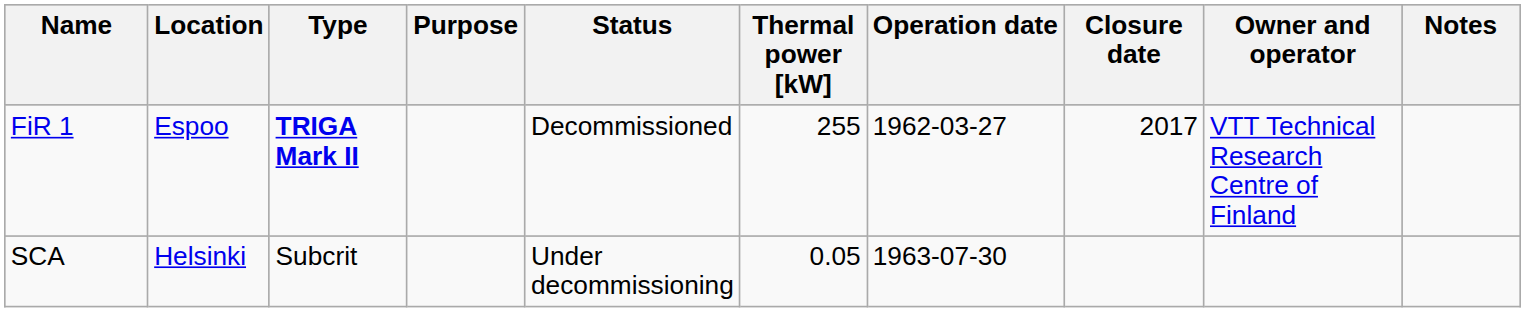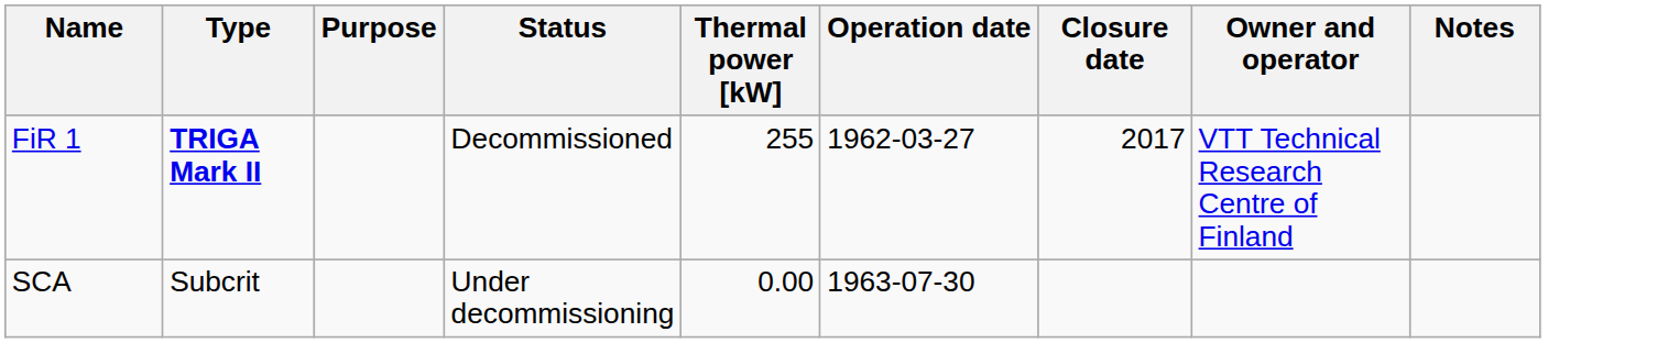 <table class="wikitable" >
 <tr valign="top">
 <th width="80">Name</th>
-<th width="65">Location</th>
 <th width="76">Type</th>
 <th width="65">Purpose</th>
 <th width="91">Status</th>
 <th width="70“">Thermal power [kW]</th>
 <th width=„67“>Operation date</th>
 <th width="78“">Closure date</th>
 <th width="113“">Owner and operator</th>
 <th width="65">Notes</th>
 </tr>
 <tr valign="top">
 <td><a href='#'>FiR 1</a></td>
-<td><a href='#'>Espoo</a></td>
 <td><strong><a href='#'>TRIGA Mark II</a></strong></td>
 <td></td>
 <td>Decommissioned</td>
 <td align="right">255</td>
 <td>1962-03-27</td>
 <td align="right">2017</td>
 <td><a href='#'>VTT Technical Research Centre of Finland</a></td>
 <td></td>
 </tr>
 <tr valign="top">
 <td>SCA</td>
-<td><a href='#'>Helsinki</a></td>
 <td>Subcrit</td>
 <td></td>
 <td>Under decommissioning</td>
-<td align="right">0.05</td>
+<td align="right">0.00</td>
 <td>1963-07-30</td>
 <td></td>
 <td></td>
 <td></td>
 </tr>
 </table>
